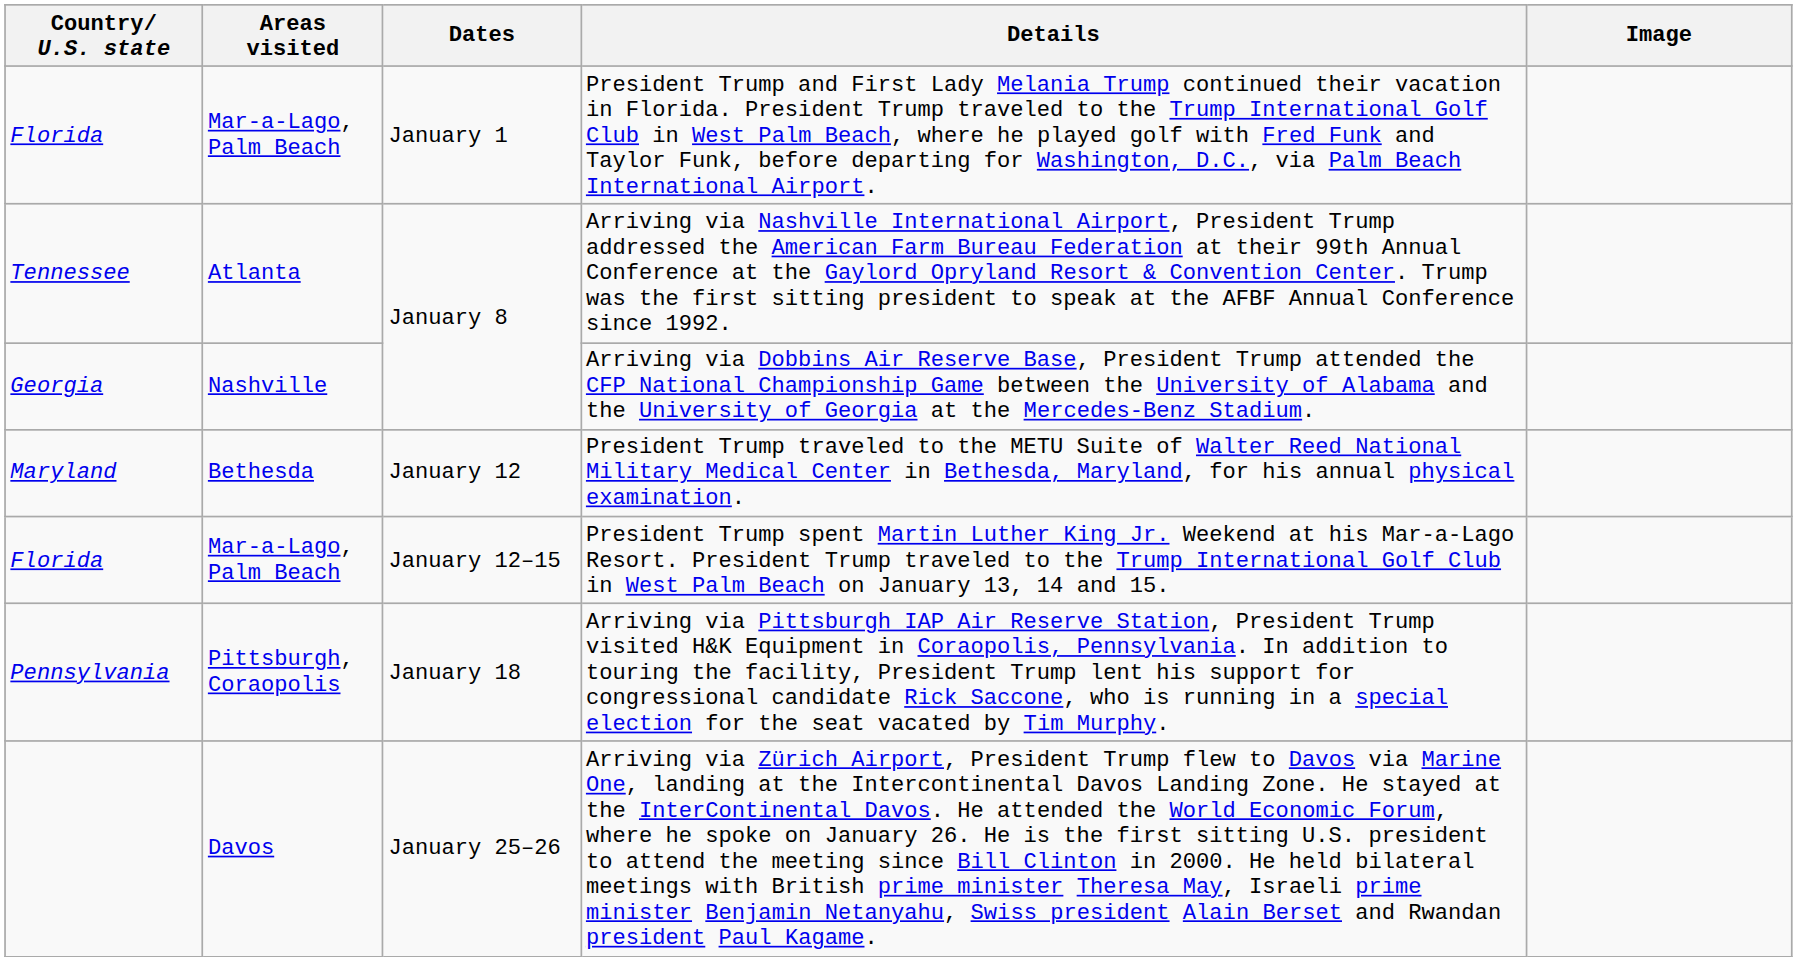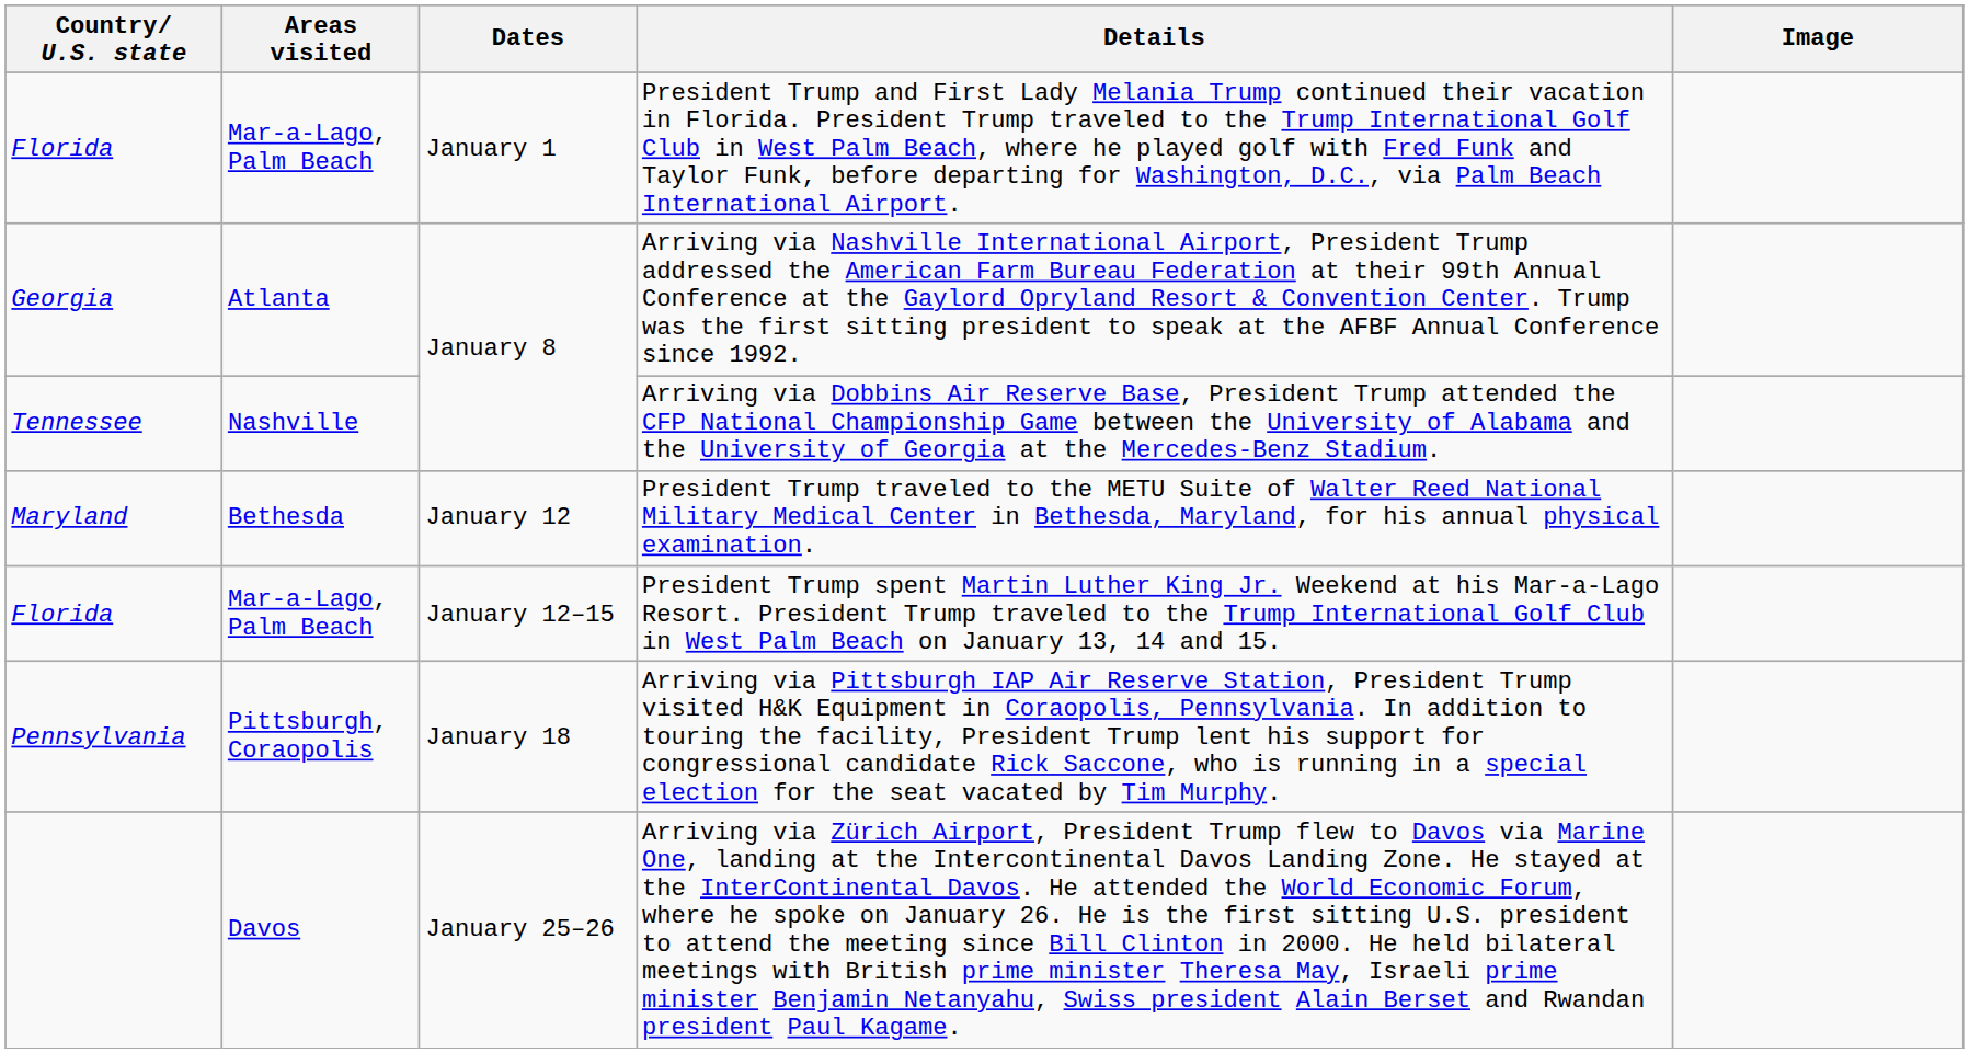 <table class="wikitable" style="margin: 1em auto 1em auto">
 <tr>
 <th width=110>Country/<br><em>U.S. state</em></th>
 <th width=100>Areas visited</th>
 <th width=110>Dates</th>
 <th width=550>Details</th>
 <th width=150>Image</th>
 </tr>
 <tr>
 <td> <em><a href='#'>Florida</a></em></td>
 <td><a href='#'>Mar-a-Lago</a>, <a href='#'>Palm Beach</a></td>
 <td>January 1</td>
 <td>President Trump and First Lady <a href='#'>Melania Trump</a> continued their vacation in Florida. President Trump traveled to the <a href='#'>Trump International Golf Club</a> in <a href='#'>West Palm Beach</a>, where he played golf with <a href='#'>Fred Funk</a> and Taylor Funk, before departing for <a href='#'>Washington, D.C.</a>, via <a href='#'>Palm Beach International Airport</a>.</td>
 <td></td>
 </tr>
 <tr>
-<td> <em><a href='#'>Tennessee</a></em></td>
+<td> <em><a href='#'>Georgia</a></em></td>
 <td><a href='#'>Atlanta</a></td>
 <td rowspan="2">January 8</td>
 <td>Arriving via <a href='#'>Nashville International Airport</a>, President Trump addressed the <a href='#'>American Farm Bureau Federation</a> at their 99th Annual Conference at the <a href='#'>Gaylord Opryland Resort & Convention Center</a>. Trump was the first sitting president to speak at the AFBF Annual Conference since 1992.</td>
 <td></td>
 </tr>
 <tr>
-<td> <em><a href='#'>Georgia</a></em></td>
+<td> <em><a href='#'>Tennessee</a></em></td>
 <td><a href='#'>Nashville</a></td>
 <td>Arriving via <a href='#'>Dobbins Air Reserve Base</a>, President Trump attended the <a href='#'>CFP National Championship Game</a> between the <a href='#'>University of Alabama</a> and the <a href='#'>University of Georgia</a> at the <a href='#'>Mercedes-Benz Stadium</a>.</td>
 <td></td>
 </tr>
 <tr>
 <td> <em><a href='#'>Maryland</a></em></td>
 <td><a href='#'>Bethesda</a></td>
 <td>January 12</td>
 <td>President Trump traveled to the METU Suite of <a href='#'>Walter Reed National Military Medical Center</a> in <a href='#'>Bethesda, Maryland</a>, for his annual <a href='#'>physical examination</a>.</td>
 <td></td>
 </tr>
 <tr>
 <td> <em><a href='#'>Florida</a></em></td>
 <td><a href='#'>Mar-a-Lago</a>, <a href='#'>Palm Beach</a></td>
 <td>January 12–15</td>
 <td>President Trump spent <a href='#'>Martin Luther King Jr.</a> Weekend at his Mar-a-Lago Resort. President Trump traveled to the <a href='#'>Trump International Golf Club</a> in <a href='#'>West Palm Beach</a> on January 13, 14 and 15.</td>
 <td></td>
 </tr>
 <tr>
 <td> <em><a href='#'>Pennsylvania</a></em></td>
 <td><a href='#'>Pittsburgh</a>, <a href='#'>Coraopolis</a></td>
 <td>January 18</td>
 <td>Arriving via <a href='#'>Pittsburgh IAP Air Reserve Station</a>, President Trump visited H&K Equipment in <a href='#'>Coraopolis, Pennsylvania</a>. In addition to touring the facility, President Trump lent his support for congressional candidate <a href='#'>Rick Saccone</a>, who is running in a <a href='#'>special election</a> for the seat vacated by <a href='#'>Tim Murphy</a>.</td>
 <td></td>
 </tr>
 <tr>
 <td></td>
 <td><a href='#'>Davos</a></td>
 <td>January 25–26</td>
 <td>Arriving via <a href='#'>Zürich Airport</a>, President Trump flew to <a href='#'>Davos</a> via <a href='#'>Marine One</a>, landing at the Intercontinental Davos Landing Zone. He stayed at the <a href='#'>InterContinental Davos</a>. He attended the <a href='#'>World Economic Forum</a>, where he spoke on January 26. He is the first sitting U.S. president to attend the meeting since <a href='#'>Bill Clinton</a> in 2000. He held bilateral meetings with British <a href='#'>prime minister</a> <a href='#'>Theresa May</a>, Israeli <a href='#'>prime minister</a> <a href='#'>Benjamin Netanyahu</a>, <a href='#'>Swiss president</a> <a href='#'>Alain Berset</a> and Rwandan <a href='#'>president</a> <a href='#'>Paul Kagame</a>.</td>
 <td></td>
 </tr>
 </table>
